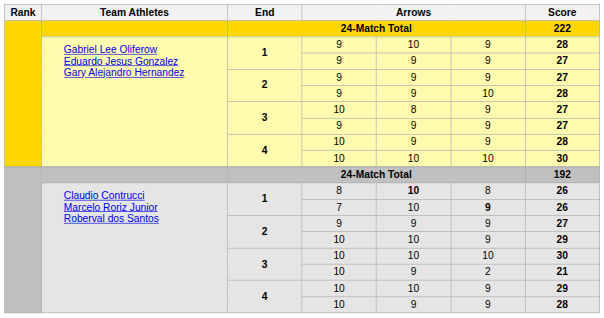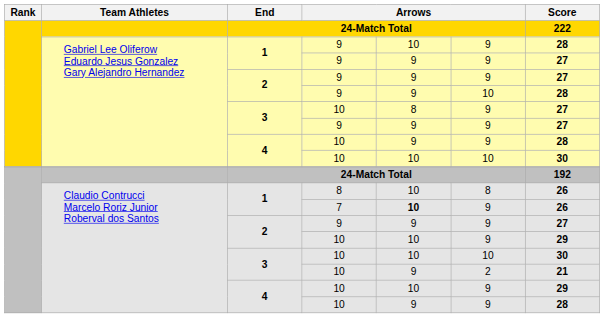 <table class=wikitable>
 <tr>
 <th width=5%>Rank</th>
 <th width=25%>Team Athletes</th>
 <th width=10%>End</th>
 <th colspan=3 width=30%>Arrows</th>
 <th width=10%>Score</th>
 </tr>
 <tr bgcolor=gold>
 <td rowspan=9 align=center></td>
 <td></td>
 <td colspan=4 align=center><strong>24-Match Total</strong></td>
 <td align=center><strong>222</strong></td>
 </tr>
 <tr bgcolor=fffcaf>
 <td rowspan=8>       <a href='#'>Gabriel Lee Oliferow</a><br>       <a href='#'>Eduardo Jesus Gonzalez</a><br>       <a href='#'>Gary Alejandro Hernandez</a><br><br><br><br><br><br><br><br></td>
 <td rowspan=2 align=center><strong>1</strong></td>
 <td align=center>9</td>
 <td align=center>10</td>
 <td align=center>9</td>
 <td align=center><strong>28</strong></td>
 </tr>
 <tr bgcolor=fffcaf>
 <td align=center>9</td>
 <td align=center>9</td>
 <td align=center>9</td>
 <td align=center><strong>27</strong></td>
 </tr>
 <tr bgcolor=fffcaf>
 <td rowspan=2 align=center><strong>2</strong></td>
 <td align=center>9</td>
 <td align=center>9</td>
 <td align=center>9</td>
 <td align=center><strong>27</strong></td>
 </tr>
 <tr bgcolor=fffcaf>
 <td align=center>9</td>
 <td align=center>9</td>
 <td align=center>10</td>
 <td align=center><strong>28</strong></td>
 </tr>
 <tr bgcolor=fffcaf>
 <td rowspan=2 align=center><strong>3</strong></td>
 <td align=center>10</td>
 <td align=center>8</td>
 <td align=center>9</td>
 <td align=center><strong>27</strong></td>
 </tr>
 <tr bgcolor=fffcaf>
 <td align=center>9</td>
 <td align=center>9</td>
 <td align=center>9</td>
 <td align=center><strong>27</strong></td>
 </tr>
 <tr bgcolor=fffcaf>
 <td rowspan=2 align=center><strong>4</strong></td>
 <td align=center>10</td>
 <td align=center>9</td>
 <td align=center>9</td>
 <td align=center><strong>28</strong></td>
 </tr>
 <tr bgcolor=fffcaf>
 <td align=center>10</td>
 <td align=center>10</td>
 <td align=center>10</td>
 <td align=center><strong>30</strong></td>
 </tr>
 <tr>
 </tr>
 <tr bgcolor=silver>
 <td rowspan=9 align=center></td>
 <td></td>
 <td colspan=4 align=center><strong>24-Match Total</strong></td>
 <td align=center><strong>192</strong></td>
 </tr>
 <tr bgcolor=e5e5e5>
 <td rowspan=8>       <a href='#'>Claudio Contrucci</a><br>        <a href='#'>Marcelo Roriz Junior</a><br>       <a href='#'>Roberval dos Santos</a><br><br><br><br><br><br><br><br></td>
 <td rowspan=2 align=center><strong>1</strong></td>
 <td align=center>8</td>
-<td align=center><strong>10</strong></td>
+<td align=center>10</td>
 <td align=center>8</td>
 <td align=center><strong>26</strong></td>
 </tr>
 <tr bgcolor=e5e5e5>
 <td align=center>7</td>
-<td align=center>10</td>
-<td align=center><strong>9</strong></td>
+<td align=center><strong>10</strong></td>
+<td align=center>9</td>
 <td align=center><strong>26</strong></td>
 </tr>
 <tr bgcolor=e5e5e5>
 <td rowspan=2 align=center><strong>2</strong></td>
 <td align=center>9</td>
 <td align=center>9</td>
 <td align=center>9</td>
 <td align=center><strong>27</strong></td>
 </tr>
 <tr bgcolor=e5e5e5>
 <td align=center>10</td>
 <td align=center>10</td>
 <td align=center>9</td>
 <td align=center><strong>29</strong></td>
 </tr>
 <tr bgcolor=e5e5e5>
 <td rowspan=2 align=center><strong>3</strong></td>
 <td align=center>10</td>
 <td align=center>10</td>
 <td align=center>10</td>
 <td align=center><strong>30</strong></td>
 </tr>
 <tr bgcolor=e5e5e5>
 <td align=center>10</td>
 <td align=center>9</td>
 <td align=center>2</td>
 <td align=center><strong>21</strong></td>
 </tr>
 <tr bgcolor=e5e5e5>
 <td rowspan=2 align=center><strong>4</strong></td>
 <td align=center>10</td>
 <td align=center>10</td>
 <td align=center>9</td>
 <td align=center><strong>29</strong></td>
 </tr>
 <tr bgcolor=e5e5e5>
 <td align=center>10</td>
 <td align=center>9</td>
 <td align=center>9</td>
 <td align=center><strong>28</strong></td>
 </tr>
 </table>
